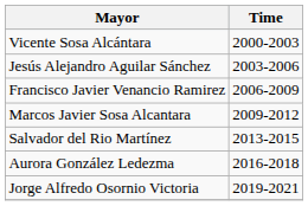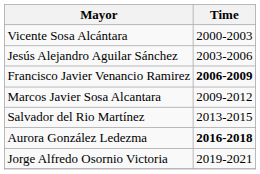 <table class="wikitable">
 <tr align=center style="background:#d8edff">
 <th>Mayor</th>
 <th>Time</th>
 </tr>
 <tr>
 <td> Vicente Sosa Alcántara</td>
 <td>2000-2003</td>
 </tr>
 <tr>
 <td> Jesús Alejandro Aguilar Sánchez</td>
 <td>2003-2006</td>
 </tr>
 <tr>
 <td> Francisco Javier Venancio Ramirez</td>
-<td>2006-2009</td>
+<td><strong>2006-2009</strong></td>
 </tr>
 <tr>
 <td> Marcos Javier Sosa Alcantara</td>
 <td>2009-2012</td>
 </tr>
 <tr>
 <td> Salvador del Rio Martínez</td>
 <td>2013-2015</td>
 </tr>
 <tr>
 <td> Aurora González Ledezma</td>
-<td>2016-2018</td>
+<td><strong>2016-2018</strong></td>
 </tr>
 <tr>
 <td> Jorge Alfredo Osornio Victoria</td>
 <td>2019-2021</td>
 </tr>
 <tr>
 </tr>
 </table>
